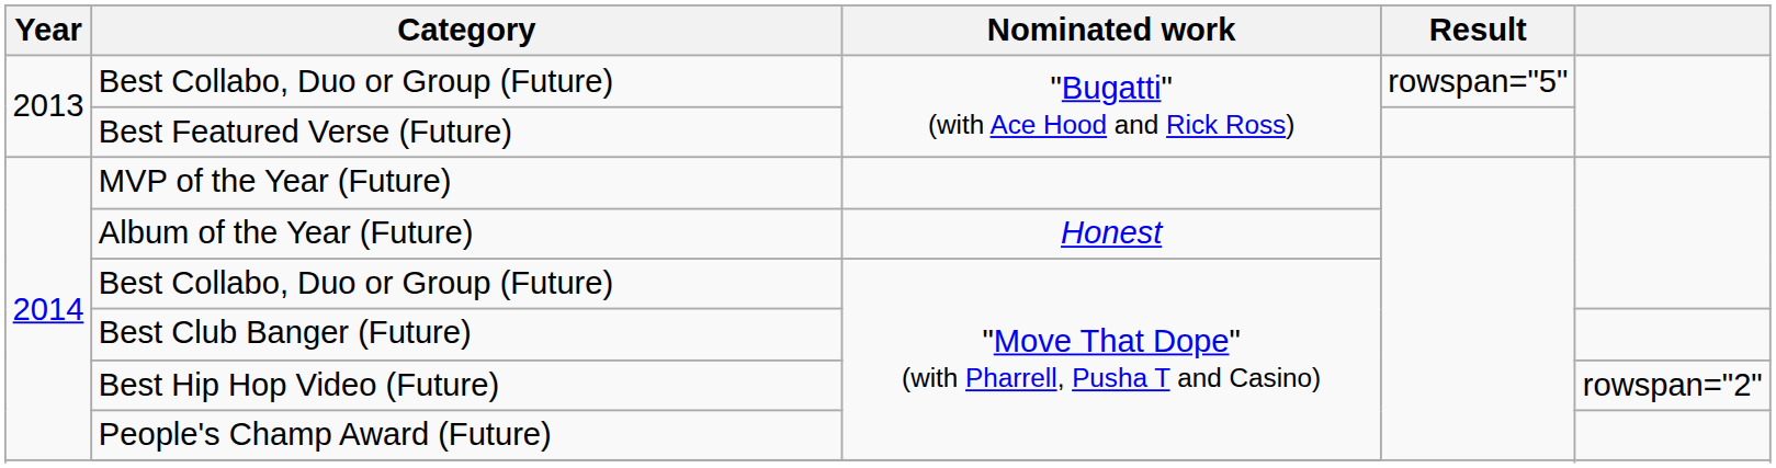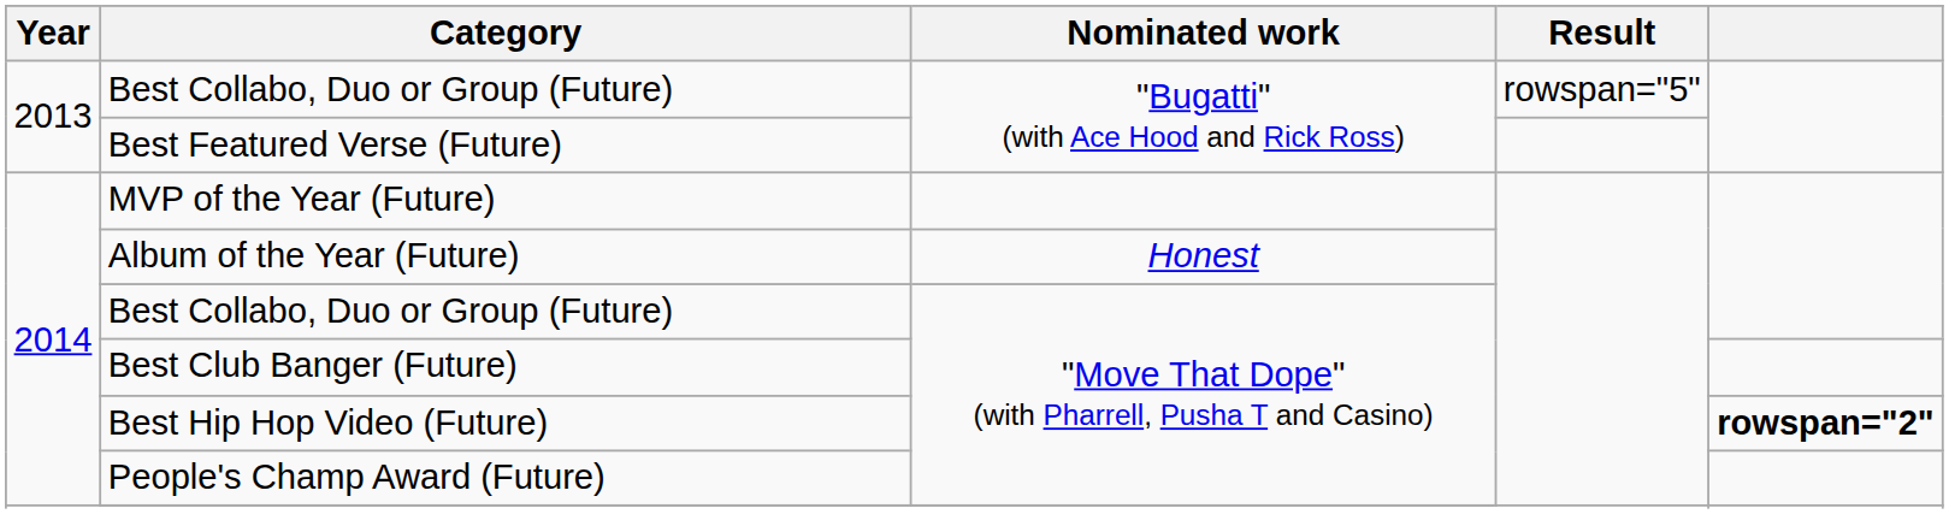 <table class="wikitable plainrowheaders" style="width:70%;">
 <tr>
 <th scope="col" style="width:4%;">Year</th>
 <th scope="col" style="width:50%;">Category</th>
 <th scope="col" style="width:35%;">Nominated work</th>
 <th scope="col" style="width:6%;">Result</th>
 <th scope="col" style="width:6%;"></th>
 </tr>
 <tr>
 <td rowspan="2">2013</td>
 <td>Best Collabo, Duo or Group (Future)</td>
 <td style="text-align:center;" rowspan="2">"<a href='#'>Bugatti</a>"<br><small>(with <a href='#'>Ace Hood</a> and <a href='#'>Rick Ross</a>)</small></td>
 <td>rowspan="5" </td>
 <td rowspan="2" style="text-align:center;"></td>
 </tr>
 <tr>
 <td>Best Featured Verse (Future)</td>
 </tr>
 <tr>
 <td rowspan="7"><a href='#'>2014</a></td>
 <td>MVP of the Year (Future)</td>
 <td></td>
 <td rowspan="7" style="text-align:center;"></td>
 </tr>
 <tr>
 <td>Album of the Year (Future)</td>
 <td style="text-align:center;"><em><a href='#'>Honest</a></em></td>
 </tr>
 <tr>
 <td>Best Collabo, Duo or Group (Future)</td>
 <td style="text-align:center;" rowspan="4">"<a href='#'>Move That Dope</a>" <br><small>(with <a href='#'>Pharrell</a>, <a href='#'>Pusha T</a> and Casino)</small></td>
 </tr>
 <tr>
 <td>Best Club Banger (Future)</td>
 <td></td>
 </tr>
 <tr>
 <td>Best Hip Hop Video (Future)</td>
-<td>rowspan="2" </td>
+<td><strong>rowspan="2" </strong></td>
 </tr>
 <tr>
 <td>People's Champ Award (Future)</td>
 </tr>
 <tr>
 </tr>
 </table>
